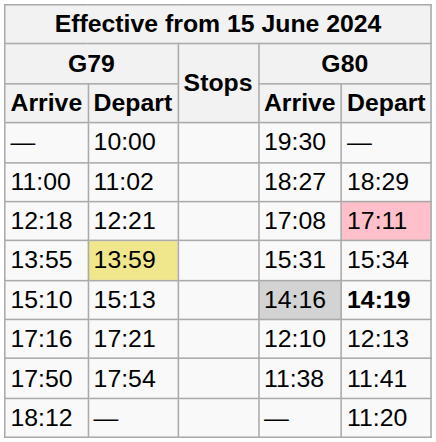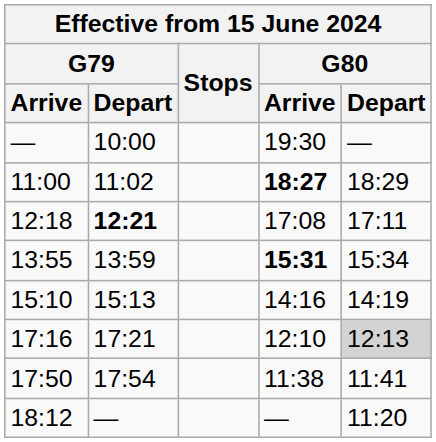 <table class="wikitable">
 <tr>
 <th colspan=6>Effective from 15 June 2024</th>
 </tr>
 <tr>
 <th colspan="2">G79</th>
 <th rowspan="2">Stops</th>
 <th colspan="2">G80</th>
 </tr>
 <tr>
 <th>Arrive</th>
 <th>Depart</th>
 <th>Arrive</th>
 <th>Depart</th>
 </tr>
 <tr>
 <td>—</td>
 <td>10:00</td>
 <td></td>
 <td>19:30</td>
 <td>—</td>
 </tr>
 <tr>
 <td>11:00</td>
 <td>11:02</td>
 <td></td>
-<td>18:27</td>
+<td><strong>18:27</strong></td>
 <td>18:29</td>
 </tr>
 <tr>
 <td>12:18</td>
-<td>12:21</td>
+<td><strong>12:21</strong></td>
 <td></td>
 <td>17:08</td>
-<td style="background: pink;">17:11</td>
+<td>17:11</td>
 </tr>
 <tr>
 <td>13:55</td>
-<td style="background: khaki;">13:59</td>
+<td>13:59</td>
 <td></td>
-<td>15:31</td>
+<td><strong>15:31</strong></td>
 <td>15:34</td>
 </tr>
 <tr>
 <td>15:10</td>
 <td>15:13</td>
 <td></td>
-<td style="background: lightgrey;">14:16</td>
-<td><strong>14:19</strong></td>
+<td>14:16</td>
+<td>14:19</td>
 </tr>
 <tr>
 <td>17:16</td>
 <td>17:21</td>
 <td></td>
 <td>12:10</td>
-<td>12:13</td>
+<td style="background: lightgrey;">12:13</td>
 </tr>
 <tr>
 <td>17:50</td>
 <td>17:54</td>
 <td></td>
 <td>11:38</td>
 <td>11:41</td>
 </tr>
 <tr>
 <td>18:12</td>
 <td>—</td>
 <td></td>
 <td>—</td>
 <td>11:20</td>
 </tr>
 </table>
